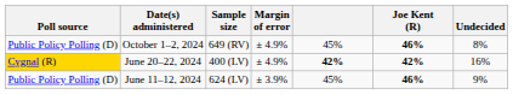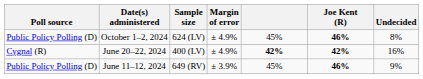 <table class="wikitable" style="font-size:90%;text-align:center;">
 <tr valign=bottom>
 <th>Poll source</th>
 <th>Date(s)<br>administered</th>
 <th>Sample<br>size</th>
 <th>Margin<br>of error</th>
 <th style="width:100px;"><br></th>
 <th style="width:100px;">Joe Kent<br>(R)</th>
 <th>Undecided</th>
 </tr>
 <tr>
 <td style="text-align:left;"><a href='#'>Public Policy Polling</a> (D)</td>
 <td>October 1–2, 2024</td>
-<td>649 (RV)</td>
+<td>624 (LV)</td>
 <td>± 4.9%</td>
 <td>45%</td>
 <td><strong>46%</strong></td>
 <td>8%</td>
 </tr>
 <tr>
-<td style="background: gold; text-align:left"><a href='#'>Cygnal</a> (R)</td>
+<td style="text-align:left"><a href='#'>Cygnal</a> (R)</td>
 <td>June 20–22, 2024</td>
 <td>400 (LV)</td>
 <td>± 4.9%</td>
 <td><strong>42%</strong></td>
 <td><strong>42%</strong></td>
 <td>16%</td>
 </tr>
 <tr>
 <td style="text-align:left;"><a href='#'>Public Policy Polling</a> (D)</td>
 <td>June 11–12, 2024</td>
-<td>624 (LV)</td>
+<td>649 (RV)</td>
 <td>± 3.9%</td>
 <td>45%</td>
 <td><strong>46%</strong></td>
 <td>9%</td>
 </tr>
 </table>
